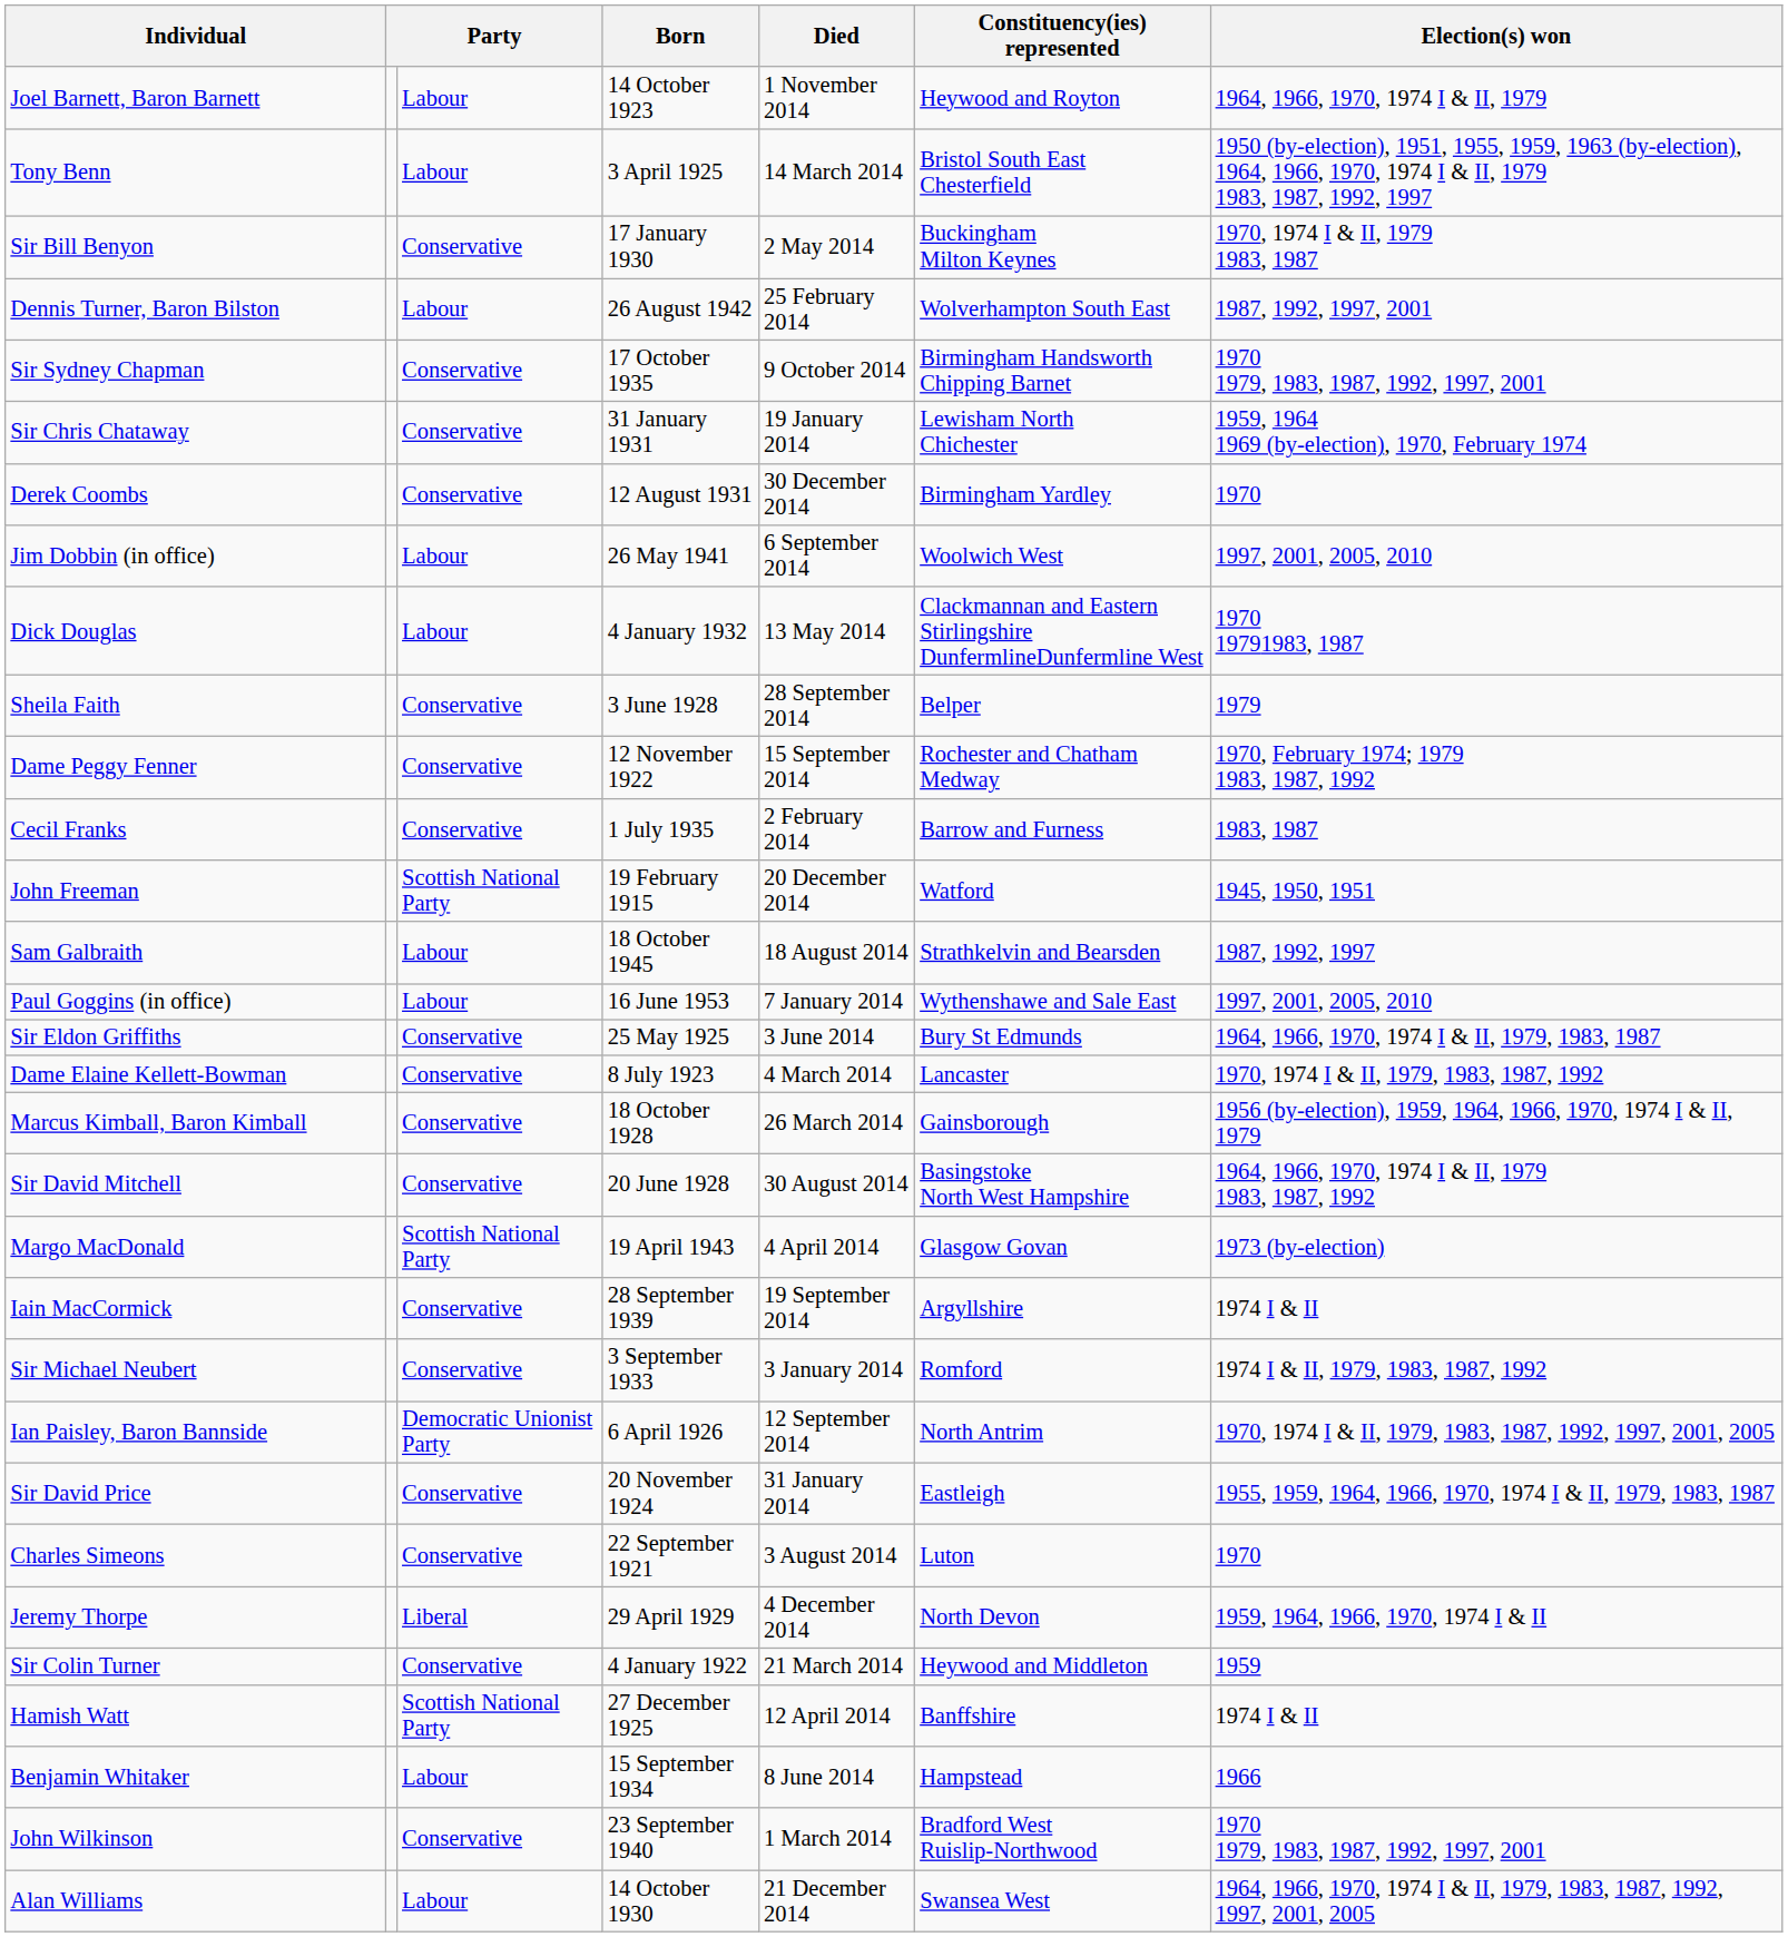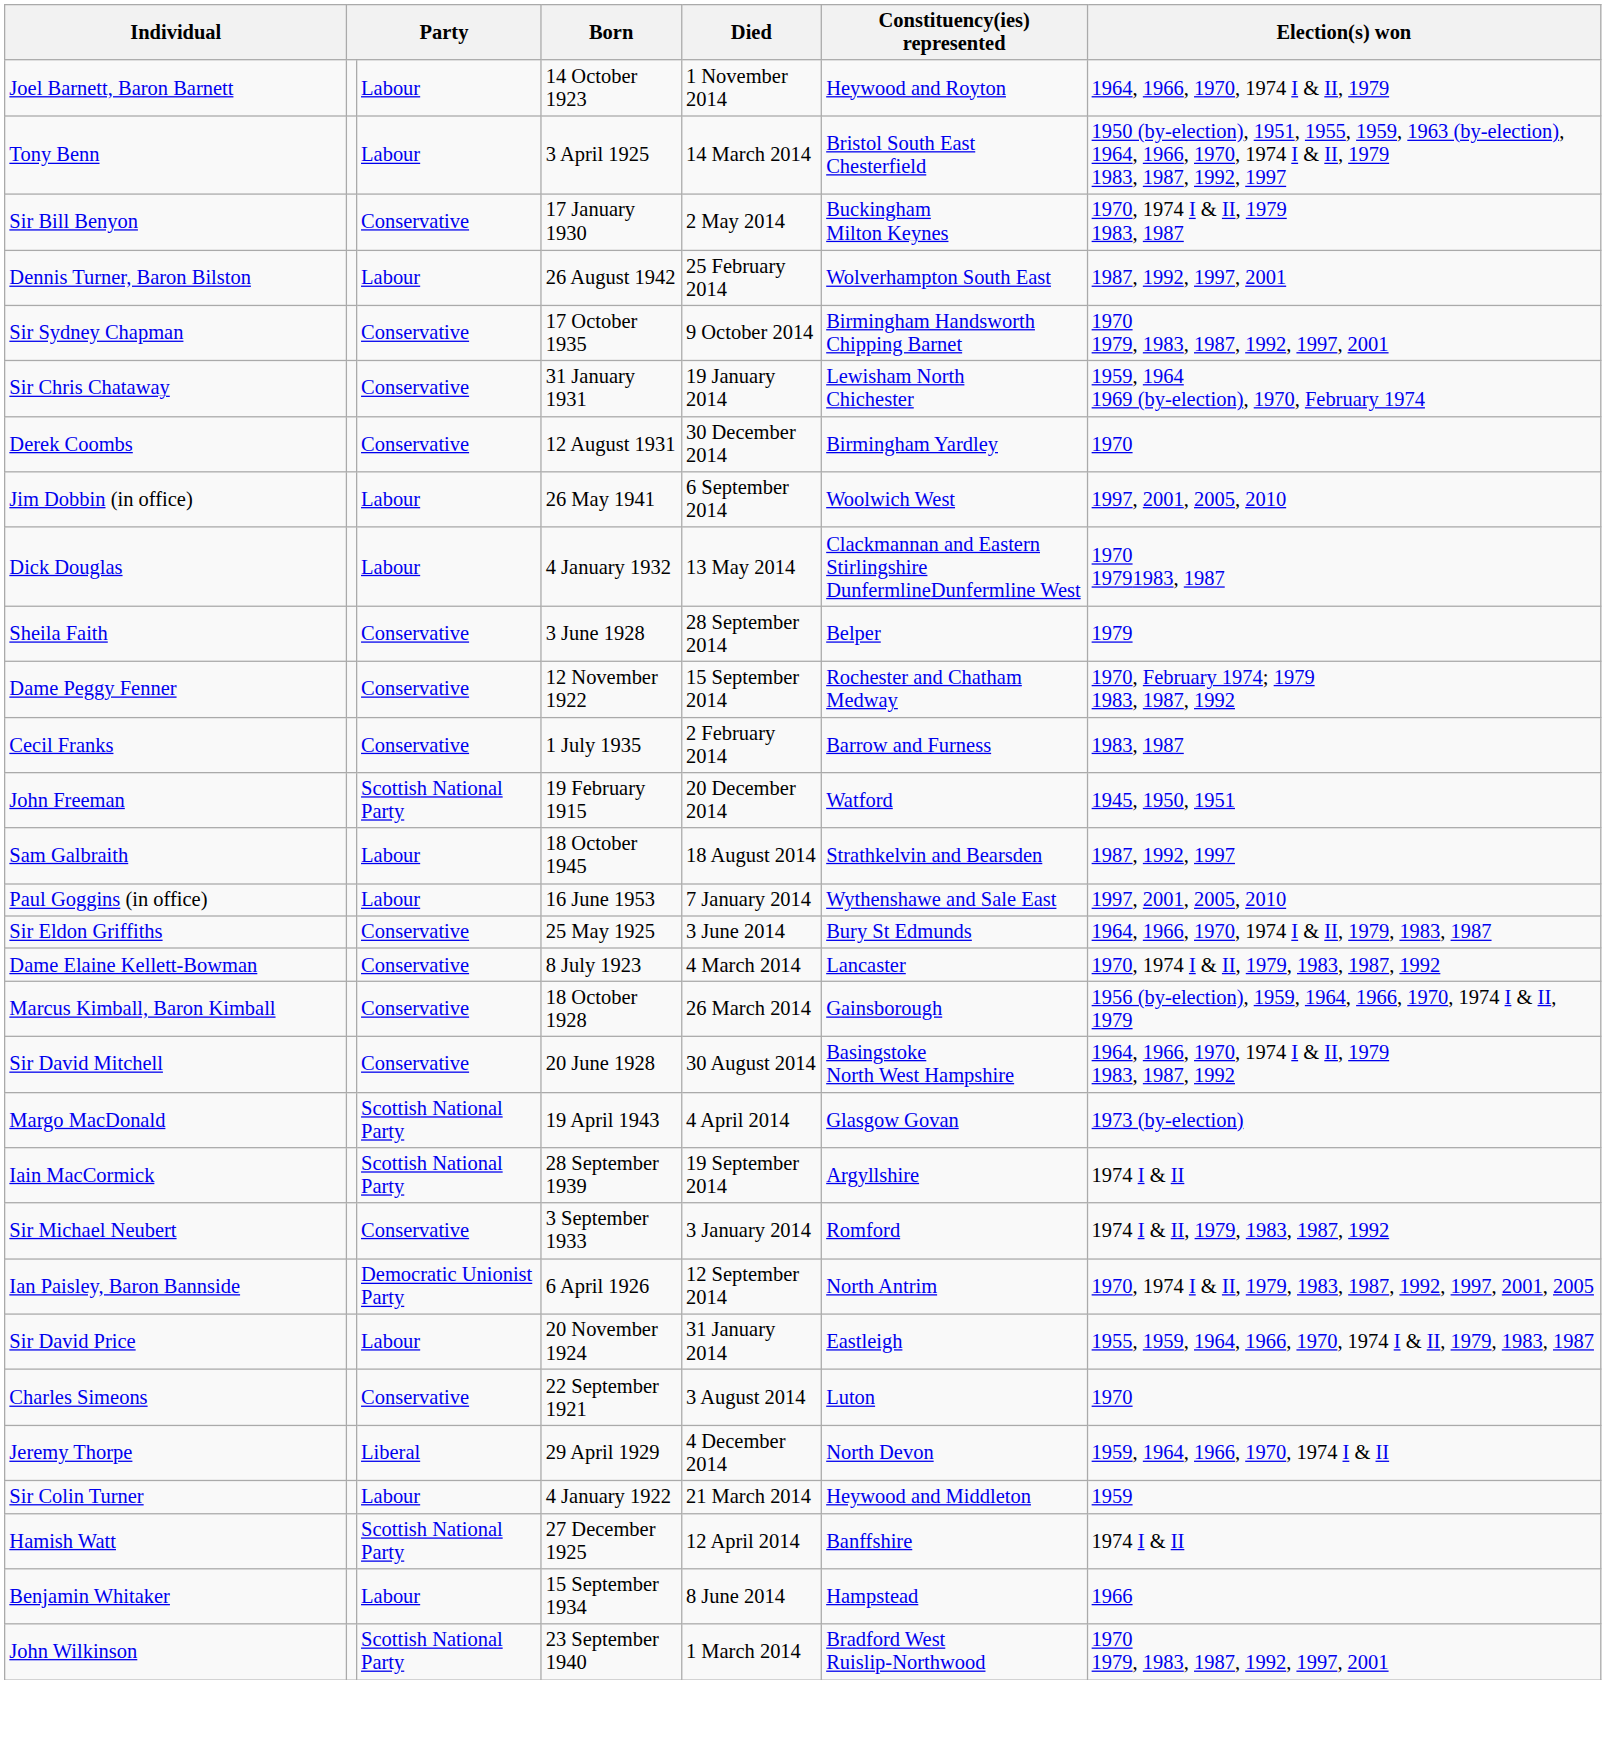 <table class="wikitable sortable">
 <tr>
 <th width="260px">Individual</th>
 <th colspan="2">Party</th>
 <th>Born</th>
 <th>Died</th>
 <th>Constituency(ies) represented</th>
 <th>Election(s) won</th>
 </tr>
 <tr>
 <td><a href='#'>Joel Barnett, Baron Barnett</a></td>
 <td style="background-color: "></td>
 <td><a href='#'>Labour</a></td>
 <td>14 October 1923</td>
 <td>1 November 2014</td>
 <td><a href='#'>Heywood and Royton</a></td>
 <td><a href='#'>1964</a>, <a href='#'>1966</a>, <a href='#'>1970</a>, 1974 <a href='#'>I</a> & <a href='#'>II</a>, <a href='#'>1979</a></td>
 </tr>
 <tr>
 <td><a href='#'>Tony Benn</a></td>
 <td style="background-color: "></td>
 <td><a href='#'>Labour</a></td>
 <td>3 April 1925</td>
 <td>14 March 2014</td>
 <td width="200px"><a href='#'>Bristol South East</a><br><a href='#'>Chesterfield</a></td>
 <td><a href='#'>1950 (by-election)</a>, <a href='#'>1951</a>, <a href='#'>1955</a>, <a href='#'>1959</a>, <a href='#'>1963 (by-election)</a>, <a href='#'>1964</a>, <a href='#'>1966</a>, <a href='#'>1970</a>, 1974 <a href='#'>I</a> & <a href='#'>II</a>, <a href='#'>1979</a><br><a href='#'>1983</a>, <a href='#'>1987</a>, <a href='#'>1992</a>, <a href='#'>1997</a></td>
 </tr>
 <tr>
 <td><a href='#'>Sir Bill Benyon</a></td>
 <td style="background-color: "></td>
 <td><a href='#'>Conservative</a></td>
 <td>17 January 1930</td>
 <td>2 May 2014</td>
 <td><a href='#'>Buckingham</a><br><a href='#'>Milton Keynes</a></td>
 <td><a href='#'>1970</a>, 1974 <a href='#'>I</a> & <a href='#'>II</a>, <a href='#'>1979</a><br><a href='#'>1983</a>, <a href='#'>1987</a></td>
 </tr>
 <tr>
 <td><a href='#'>Dennis Turner, Baron Bilston</a></td>
 <td style="background-color: "></td>
 <td><a href='#'>Labour</a></td>
 <td>26 August 1942</td>
 <td>25 February 2014</td>
 <td><a href='#'>Wolverhampton South East</a></td>
 <td><a href='#'>1987</a>, <a href='#'>1992</a>, <a href='#'>1997</a>, <a href='#'>2001</a></td>
 </tr>
 <tr>
 <td><a href='#'>Sir Sydney Chapman</a></td>
 <td style="background-color: "></td>
 <td><a href='#'>Conservative</a></td>
 <td>17 October 1935</td>
 <td>9 October 2014</td>
 <td><a href='#'>Birmingham Handsworth</a><br><a href='#'>Chipping Barnet</a></td>
 <td><a href='#'>1970</a><br><a href='#'>1979</a>, <a href='#'>1983</a>, <a href='#'>1987</a>, <a href='#'>1992</a>, <a href='#'>1997</a>, <a href='#'>2001</a></td>
 </tr>
 <tr>
 <td><a href='#'>Sir Chris Chataway</a></td>
 <td style="background-color: "></td>
 <td><a href='#'>Conservative</a></td>
 <td>31 January 1931</td>
 <td>19 January 2014</td>
 <td><a href='#'>Lewisham North</a><br><a href='#'>Chichester</a></td>
 <td><a href='#'>1959</a>, <a href='#'>1964</a><br><a href='#'>1969 (by-election)</a>, <a href='#'>1970</a>, <a href='#'>February 1974</a></td>
 </tr>
 <tr>
 <td><a href='#'>Derek Coombs</a></td>
 <td style="background-color: "></td>
 <td><a href='#'>Conservative</a></td>
 <td>12 August 1931</td>
 <td>30 December 2014</td>
 <td><a href='#'>Birmingham Yardley</a></td>
 <td><a href='#'>1970</a></td>
 </tr>
 <tr>
 <td><a href='#'>Jim Dobbin</a> (in office)</td>
 <td style="background-color: "></td>
 <td><a href='#'>Labour</a></td>
 <td>26 May 1941</td>
 <td>6 September 2014</td>
 <td><a href='#'>Woolwich West</a></td>
 <td><a href='#'>1997</a>, <a href='#'>2001</a>, <a href='#'>2005</a>, <a href='#'>2010</a></td>
 </tr>
 <tr>
 <td><a href='#'>Dick Douglas</a></td>
 <td style="background-color: "></td>
 <td><a href='#'>Labour</a></td>
 <td>4 January 1932</td>
 <td>13 May 2014</td>
 <td><a href='#'>Clackmannan and Eastern Stirlingshire</a><br><a href='#'>Dunfermline</a><a href='#'>Dunfermline West</a></td>
 <td><a href='#'>1970</a><br><a href='#'>1979</a><a href='#'>1983</a>, <a href='#'>1987</a></td>
 </tr>
 <tr>
 <td><a href='#'>Sheila Faith</a></td>
 <td style="background-color: "></td>
 <td><a href='#'>Conservative</a></td>
 <td>3 June 1928</td>
 <td>28 September 2014</td>
 <td><a href='#'>Belper</a></td>
 <td><a href='#'>1979</a></td>
 </tr>
 <tr>
 <td><a href='#'>Dame Peggy Fenner</a></td>
 <td style="background-color: "></td>
 <td><a href='#'>Conservative</a></td>
 <td>12 November 1922</td>
 <td>15 September 2014</td>
 <td><a href='#'>Rochester and Chatham</a><br><a href='#'>Medway</a></td>
 <td><a href='#'>1970</a>, <a href='#'>February 1974</a>; <a href='#'>1979</a><br><a href='#'>1983</a>, <a href='#'>1987</a>, <a href='#'>1992</a></td>
 </tr>
 <tr>
 <td><a href='#'>Cecil Franks</a></td>
 <td style="background-color: "></td>
 <td><a href='#'>Conservative</a></td>
 <td>1 July 1935</td>
 <td>2 February 2014</td>
 <td><a href='#'>Barrow and Furness</a></td>
 <td><a href='#'>1983</a>, <a href='#'>1987</a></td>
 </tr>
 <tr>
 <td><a href='#'>John Freeman</a></td>
 <td style="background-color: "></td>
 <td><a href='#'>Scottish National Party</a></td>
 <td>19 February 1915</td>
 <td>20 December 2014</td>
 <td><a href='#'>Watford</a></td>
 <td><a href='#'>1945</a>, <a href='#'>1950</a>, <a href='#'>1951</a></td>
 </tr>
 <tr>
 <td><a href='#'>Sam Galbraith</a></td>
 <td style="background-color: "></td>
 <td><a href='#'>Labour</a></td>
 <td>18 October 1945</td>
 <td>18 August 2014</td>
 <td><a href='#'>Strathkelvin and Bearsden</a></td>
 <td><a href='#'>1987</a>, <a href='#'>1992</a>, <a href='#'>1997</a></td>
 </tr>
 <tr>
 <td><a href='#'>Paul Goggins</a> (in office)</td>
 <td style="background-color: "></td>
 <td><a href='#'>Labour</a></td>
 <td>16 June 1953</td>
 <td>7 January 2014</td>
 <td><a href='#'>Wythenshawe and Sale East</a></td>
 <td><a href='#'>1997</a>, <a href='#'>2001</a>, <a href='#'>2005</a>, <a href='#'>2010</a></td>
 </tr>
 <tr>
 <td><a href='#'>Sir Eldon Griffiths</a></td>
 <td style="background-color: "></td>
 <td><a href='#'>Conservative</a></td>
 <td>25 May 1925</td>
 <td>3 June 2014</td>
 <td><a href='#'>Bury St Edmunds</a></td>
 <td><a href='#'>1964</a>, <a href='#'>1966</a>, <a href='#'>1970</a>, 1974 <a href='#'>I</a> & <a href='#'>II</a>, <a href='#'>1979</a>, <a href='#'>1983</a>, <a href='#'>1987</a></td>
 </tr>
 <tr>
 <td><a href='#'>Dame Elaine Kellett-Bowman</a></td>
 <td style="background-color: "></td>
 <td><a href='#'>Conservative</a></td>
 <td>8 July 1923</td>
 <td>4 March 2014</td>
 <td><a href='#'>Lancaster</a></td>
 <td><a href='#'>1970</a>, 1974 <a href='#'>I</a> & <a href='#'>II</a>, <a href='#'>1979</a>, <a href='#'>1983</a>, <a href='#'>1987</a>, <a href='#'>1992</a></td>
 </tr>
 <tr>
 <td><a href='#'>Marcus Kimball, Baron Kimball</a></td>
 <td style="background-color: "></td>
 <td><a href='#'>Conservative</a></td>
 <td>18 October 1928</td>
 <td>26 March 2014</td>
 <td><a href='#'>Gainsborough</a></td>
 <td><a href='#'>1956 (by-election)</a>, <a href='#'>1959</a>, <a href='#'>1964</a>, <a href='#'>1966</a>, <a href='#'>1970</a>, 1974 <a href='#'>I</a> & <a href='#'>II</a>, <a href='#'>1979</a></td>
 </tr>
 <tr>
 <td><a href='#'>Sir David Mitchell</a></td>
 <td style="background-color: "></td>
 <td><a href='#'>Conservative</a></td>
 <td>20 June 1928</td>
 <td>30 August 2014</td>
 <td><a href='#'>Basingstoke</a><br><a href='#'>North West Hampshire</a></td>
 <td><a href='#'>1964</a>, <a href='#'>1966</a>, <a href='#'>1970</a>, 1974 <a href='#'>I</a> & <a href='#'>II</a>, <a href='#'>1979</a><br><a href='#'>1983</a>, <a href='#'>1987</a>, <a href='#'>1992</a></td>
 </tr>
 <tr>
 <td><a href='#'>Margo MacDonald</a></td>
 <td style="background-color: "></td>
 <td><a href='#'>Scottish National Party</a></td>
 <td>19 April 1943</td>
 <td>4 April 2014</td>
 <td><a href='#'>Glasgow Govan</a></td>
 <td><a href='#'>1973 (by-election)</a></td>
 </tr>
 <tr>
 <td><a href='#'>Iain MacCormick</a></td>
 <td style="background-color: "></td>
-<td><a href='#'>Conservative</a></td>
+<td><a href='#'>Scottish National Party</a></td>
 <td>28 September 1939</td>
 <td>19 September 2014</td>
 <td><a href='#'>Argyllshire</a></td>
 <td>1974 <a href='#'>I</a> & <a href='#'>II</a></td>
 </tr>
 <tr>
 <td><a href='#'>Sir Michael Neubert</a></td>
 <td style="background-color: "></td>
 <td><a href='#'>Conservative</a></td>
 <td>3 September 1933</td>
 <td>3 January 2014</td>
 <td><a href='#'>Romford</a></td>
 <td>1974 <a href='#'>I</a> & <a href='#'>II</a>, <a href='#'>1979</a>, <a href='#'>1983</a>, <a href='#'>1987</a>, <a href='#'>1992</a></td>
 </tr>
 <tr>
 <td><a href='#'>Ian Paisley, Baron Bannside</a></td>
 <td style="background-color: "></td>
 <td><a href='#'>Democratic Unionist Party</a></td>
 <td>6 April 1926</td>
 <td>12 September 2014</td>
 <td><a href='#'>North Antrim</a></td>
 <td><a href='#'>1970</a>, 1974 <a href='#'>I</a> & <a href='#'>II</a>, <a href='#'>1979</a>, <a href='#'>1983</a>, <a href='#'>1987</a>, <a href='#'>1992</a>, <a href='#'>1997</a>, <a href='#'>2001</a>, <a href='#'>2005</a></td>
 </tr>
 <tr>
 <td><a href='#'>Sir David Price</a></td>
 <td style="background-color: "></td>
-<td><a href='#'>Conservative</a></td>
+<td><a href='#'>Labour</a></td>
 <td>20 November 1924</td>
 <td>31 January 2014</td>
 <td><a href='#'>Eastleigh</a></td>
 <td><a href='#'>1955</a>, <a href='#'>1959</a>, <a href='#'>1964</a>, <a href='#'>1966</a>, <a href='#'>1970</a>, 1974 <a href='#'>I</a> & <a href='#'>II</a>, <a href='#'>1979</a>, <a href='#'>1983</a>, <a href='#'>1987</a></td>
 </tr>
 <tr>
 <td><a href='#'>Charles Simeons</a></td>
 <td style="background-color: "></td>
 <td><a href='#'>Conservative</a></td>
 <td>22 September 1921</td>
 <td>3 August 2014</td>
 <td><a href='#'>Luton</a></td>
 <td><a href='#'>1970</a></td>
 </tr>
 <tr>
 <td><a href='#'>Jeremy Thorpe</a></td>
 <td style="background-color: "></td>
 <td><a href='#'>Liberal</a></td>
 <td>29 April 1929</td>
 <td>4 December 2014</td>
 <td><a href='#'>North Devon</a></td>
 <td><a href='#'>1959</a>, <a href='#'>1964</a>, <a href='#'>1966</a>, <a href='#'>1970</a>, 1974 <a href='#'>I</a> & <a href='#'>II</a></td>
 </tr>
 <tr>
 <td><a href='#'>Sir Colin Turner</a></td>
 <td style="background-color: "></td>
-<td><a href='#'>Conservative</a></td>
+<td><a href='#'>Labour</a></td>
 <td>4 January 1922</td>
 <td>21 March 2014</td>
 <td><a href='#'>Heywood and Middleton</a></td>
 <td><a href='#'>1959</a></td>
 </tr>
 <tr>
 <td><a href='#'>Hamish Watt</a></td>
 <td style="background-color: "></td>
 <td><a href='#'>Scottish National Party</a></td>
 <td>27 December 1925</td>
 <td>12 April 2014</td>
 <td><a href='#'>Banffshire</a></td>
 <td>1974 <a href='#'>I</a> & <a href='#'>II</a></td>
 </tr>
 <tr>
 <td><a href='#'>Benjamin Whitaker</a></td>
 <td style="background-color: "></td>
 <td><a href='#'>Labour</a></td>
 <td>15 September 1934</td>
 <td>8 June 2014</td>
 <td><a href='#'>Hampstead</a></td>
 <td><a href='#'>1966</a></td>
 </tr>
 <tr>
 <td><a href='#'>John Wilkinson</a></td>
 <td style="background-color: "></td>
-<td><a href='#'>Conservative</a></td>
+<td><a href='#'>Scottish National Party</a></td>
 <td>23 September 1940</td>
 <td>1 March 2014</td>
 <td><a href='#'>Bradford West</a><br><a href='#'>Ruislip-Northwood</a></td>
 <td><a href='#'>1970</a><br><a href='#'>1979</a>, <a href='#'>1983</a>, <a href='#'>1987</a>, <a href='#'>1992</a>, <a href='#'>1997</a>, <a href='#'>2001</a></td>
 </tr>
-<tr>
-<td><a href='#'>Alan Williams</a></td>
-<td style="background-color: "></td>
-<td><a href='#'>Labour</a></td>
-<td>14 October 1930</td>
-<td>21 December 2014</td>
-<td><a href='#'>Swansea West</a></td>
-<td><a href='#'>1964</a>, <a href='#'>1966</a>, <a href='#'>1970</a>, 1974 <a href='#'>I</a> & <a href='#'>II</a>, <a href='#'>1979</a>, <a href='#'>1983</a>, <a href='#'>1987</a>, <a href='#'>1992</a>, <a href='#'>1997</a>, <a href='#'>2001</a>, <a href='#'>2005</a></td>
-</tr>
 </table>
